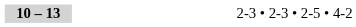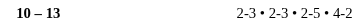 <table>
 <tr>
 <th width=200></th>
 <th width=80></th>
 <th width=200></th>
 <th width=220></th>
 </tr>
 <tr>
 <td align=right></td>
-<td align=center style="background: lightgrey;"><strong>10 – 13</strong></td>
+<td align=center><strong>10 – 13</strong></td>
 <td><strong></strong></td>
 <td>2-3 • 2-3 • 2-5 • 4-2</td>
 </tr>
 </table>
